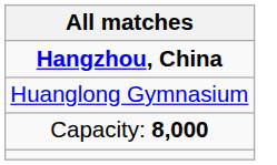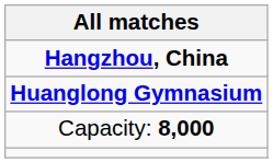 <table class="wikitable" style="text-align: center;">
 <tr>
 <th>All matches</th>
 </tr>
 <tr>
 <td><strong><a href='#'>Hangzhou</a>, China</strong></td>
 </tr>
 <tr>
-<td><a href='#'>Huanglong Gymnasium</a></td>
+<td><strong><a href='#'>Huanglong Gymnasium</a></strong></td>
 </tr>
 <tr>
 <td>Capacity: <strong>8,000</strong></td>
 </tr>
 <tr>
 <td></td>
 </tr>
 </table>
